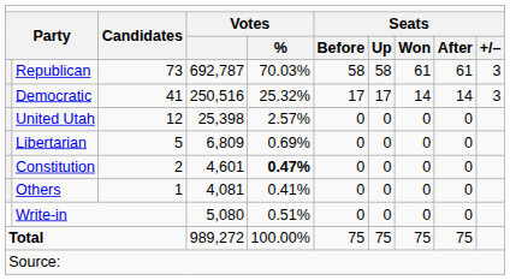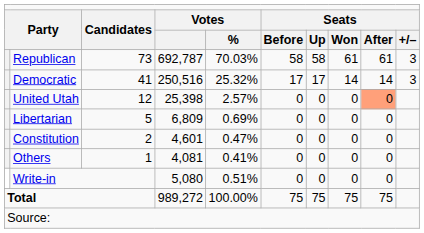 <table class="wikitable">
 <tr>
 <td colspan=15 align=center></td>
 </tr>
 <tr>
 <th rowspan="2" colspan="2">Party</th>
 <th rowspan="2">Candidates</th>
 <th colspan="2">Votes</th>
 <th colspan="5">Seats</th>
 </tr>
 <tr>
 <th></th>
 <th>%</th>
 <th>Before</th>
 <th>Up</th>
 <th>Won</th>
 <th>After</th>
 <th>+/–</th>
 </tr>
 <tr>
 <th style="background-color:"></th>
 <td><a href='#'>Republican</a></td>
 <td align="right">73</td>
 <td align="right">692,787</td>
 <td align="right">70.03%</td>
 <td align="right">58</td>
 <td align="right">58</td>
 <td align="right">61</td>
 <td align="right">61</td>
 <td align="right"> 3</td>
 </tr>
 <tr>
 <th style="background-color:"></th>
 <td><a href='#'>Democratic</a></td>
 <td align="right">41</td>
 <td align="right">250,516</td>
 <td align="right">25.32%</td>
 <td align="right">17</td>
 <td align="right">17</td>
 <td align="right">14</td>
 <td align="right">14</td>
 <td align="right"> 3</td>
 </tr>
 <tr>
 <th style="background-color:"></th>
 <td><a href='#'>United Utah</a></td>
 <td align="right">12</td>
 <td align="right">25,398</td>
 <td align="right">2.57%</td>
 <td align="right">0</td>
 <td align="right">0</td>
 <td align="right">0</td>
-<td align="right">0</td>
+<td align="right" style="background: lightsalmon;">0</td>
 <td align="right"></td>
 </tr>
 <tr>
 <th style="background-color:"></th>
 <td><a href='#'>Libertarian</a></td>
 <td align="right">5</td>
 <td align="right">6,809</td>
 <td align="right">0.69%</td>
 <td align="right">0</td>
 <td align="right">0</td>
 <td align="right">0</td>
 <td align="right">0</td>
 <td align="right"></td>
 </tr>
 <tr>
 <th style="background-color:"></th>
 <td><a href='#'>Constitution</a></td>
 <td align="right">2</td>
 <td align="right">4,601</td>
-<td align="right"><strong>0.47%</strong></td>
+<td align="right">0.47%</td>
 <td align="right">0</td>
 <td align="right">0</td>
 <td align="right">0</td>
 <td align="right">0</td>
 <td align="right"></td>
 </tr>
 <tr>
 <th style="background-color:"></th>
 <td><a href='#'>Others</a></td>
 <td align="right">1</td>
 <td align="right">4,081</td>
 <td align="right">0.41%</td>
 <td align="right">0</td>
 <td align="right">0</td>
 <td align="right">0</td>
 <td align="right">0</td>
 <td align="right"></td>
 </tr>
 <tr>
 <th style="background-color:white"></th>
 <td colspan="2" align="left"><a href='#'>Write-in</a></td>
 <td align="right">5,080</td>
 <td align="right">0.51%</td>
 <td align="right">0</td>
 <td align="right">0</td>
 <td align="right">0</td>
 <td align="right">0</td>
 <td align="right"></td>
 </tr>
 <tr>
 <td colspan="3" align="left"><strong>Total</strong></td>
 <td align="right">989,272</td>
 <td align="right">100.00%</td>
 <td align="right">75</td>
 <td align="right">75</td>
 <td align="right">75</td>
 <td align="right">75</td>
 <td align="right"></td>
 </tr>
 <tr>
 <td colspan="10">Source: </td>
 </tr>
 </table>
